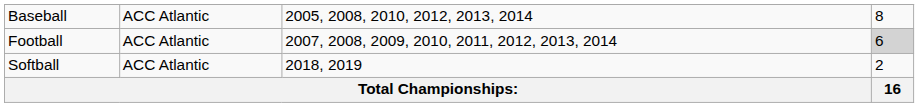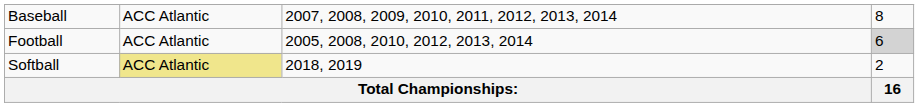 <table cellpadding="1" style="width:75%;" class="wikitable" style="text-align:center;">
 <tr>
 </tr>
 <tr>
 <td>Baseball</td>
 <td>ACC Atlantic</td>
-<td>2005, 2008, 2010, 2012, 2013, 2014</td>
+<td>2007, 2008, 2009, 2010, 2011, 2012, 2013, 2014</td>
 <td>8</td>
 </tr>
 <tr>
 <td>Football</td>
 <td>ACC Atlantic</td>
-<td>2007, 2008, 2009, 2010, 2011, 2012, 2013, 2014</td>
+<td>2005, 2008, 2010, 2012, 2013, 2014</td>
 <td style="background: lightgrey;">6</td>
 </tr>
 <tr>
 <td>Softball</td>
-<td>ACC Atlantic</td>
+<td style="background: khaki;">ACC Atlantic</td>
 <td>2018, 2019</td>
 <td>2</td>
 </tr>
 <tr class="sortbottom">
 <th colspan="3;">Total Championships:</th>
 <th colspan="3;">16</th>
 </tr>
 </table>
